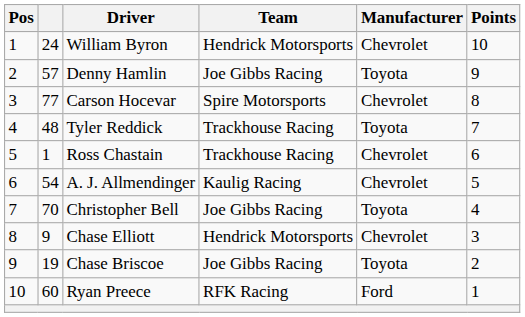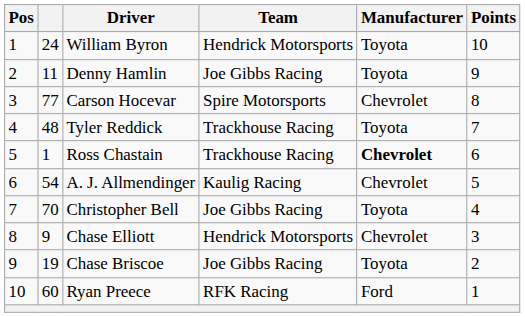 <table class="wikitable" style="font-size:98%">
 <tr>
 <th>Pos</th>
 <th></th>
 <th>Driver</th>
 <th>Team</th>
 <th>Manufacturer</th>
 <th>Points</th>
 </tr>
 <tr>
 <td>1</td>
 <td>24</td>
 <td>William Byron</td>
 <td>Hendrick Motorsports</td>
-<td>Chevrolet</td>
+<td>Toyota</td>
 <td>10</td>
 </tr>
 <tr>
 <td>2</td>
-<td>57</td>
+<td>11</td>
 <td>Denny Hamlin</td>
 <td>Joe Gibbs Racing</td>
 <td>Toyota</td>
 <td>9</td>
 </tr>
 <tr>
 <td>3</td>
 <td>77</td>
 <td>Carson Hocevar</td>
 <td>Spire Motorsports</td>
 <td>Chevrolet</td>
 <td>8</td>
 </tr>
 <tr>
 <td>4</td>
 <td>48</td>
 <td>Tyler Reddick</td>
 <td>Trackhouse Racing</td>
 <td>Toyota</td>
 <td>7</td>
 </tr>
 <tr>
 <td>5</td>
 <td>1</td>
 <td>Ross Chastain</td>
 <td>Trackhouse Racing</td>
-<td>Chevrolet</td>
+<td><strong>Chevrolet</strong></td>
 <td>6</td>
 </tr>
 <tr>
 <td>6</td>
 <td>54</td>
 <td>A. J. Allmendinger</td>
 <td>Kaulig Racing</td>
 <td>Chevrolet</td>
 <td>5</td>
 </tr>
 <tr>
 <td>7</td>
 <td>70</td>
 <td>Christopher Bell</td>
 <td>Joe Gibbs Racing</td>
 <td>Toyota</td>
 <td>4</td>
 </tr>
 <tr>
 <td>8</td>
 <td>9</td>
 <td>Chase Elliott</td>
 <td>Hendrick Motorsports</td>
 <td>Chevrolet</td>
 <td>3</td>
 </tr>
 <tr>
 <td>9</td>
 <td>19</td>
 <td>Chase Briscoe</td>
 <td>Joe Gibbs Racing</td>
 <td>Toyota</td>
 <td>2</td>
 </tr>
 <tr>
 <td>10</td>
 <td>60</td>
 <td>Ryan Preece</td>
 <td>RFK Racing</td>
 <td>Ford</td>
 <td>1</td>
 </tr>
 <tr>
 <th colspan="6"></th>
 </tr>
 </table>
